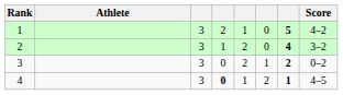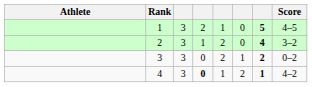 <table class="wikitable" style="text-align: center;">
 <tr>
+<th width=225>Athlete</th>
 <th width=25>Rank</th>
-<th width=225>Athlete</th>
 <th width=25></th>
 <th width=25></th>
 <th width=25></th>
 <th width=25></th>
 <th width=25></th>
 <th width=50>Score</th>
 </tr>
 <tr bgcolor=ccffcc>
+<td align=left></td>
 <td>1</td>
-<td align=left></td>
 <td>3</td>
 <td>2</td>
 <td>1</td>
 <td>0</td>
 <td><strong>5</strong></td>
-<td>4–2</td>
+<td>4–5</td>
 </tr>
 <tr bgcolor=ccffcc>
+<td align=left></td>
 <td>2</td>
-<td align=left></td>
 <td>3</td>
 <td>1</td>
 <td>2</td>
 <td>0</td>
 <td><strong>4</strong></td>
 <td>3–2</td>
 </tr>
 <tr>
+<td align=left></td>
 <td>3</td>
-<td align=left></td>
 <td>3</td>
 <td>0</td>
 <td>2</td>
 <td>1</td>
 <td><strong>2</strong></td>
 <td>0–2</td>
 </tr>
 <tr>
+<td align=left></td>
 <td>4</td>
-<td align=left></td>
 <td>3</td>
 <td><strong>0</strong></td>
 <td>1</td>
 <td>2</td>
 <td><strong>1</strong></td>
-<td>4–5</td>
+<td>4–2</td>
 </tr>
 </table>
